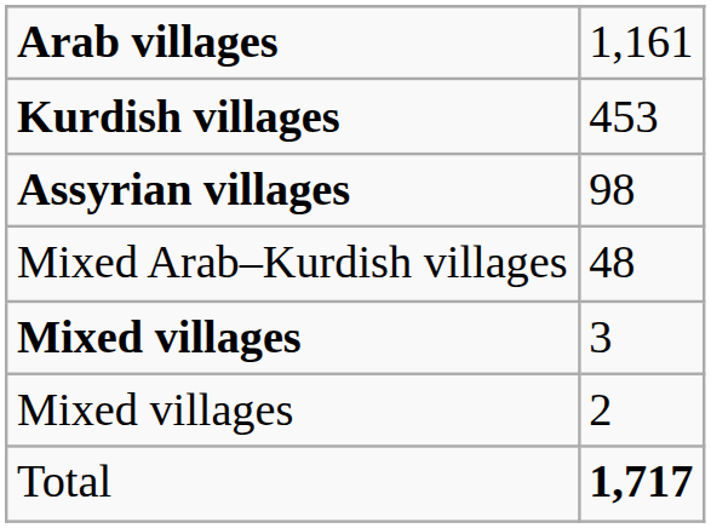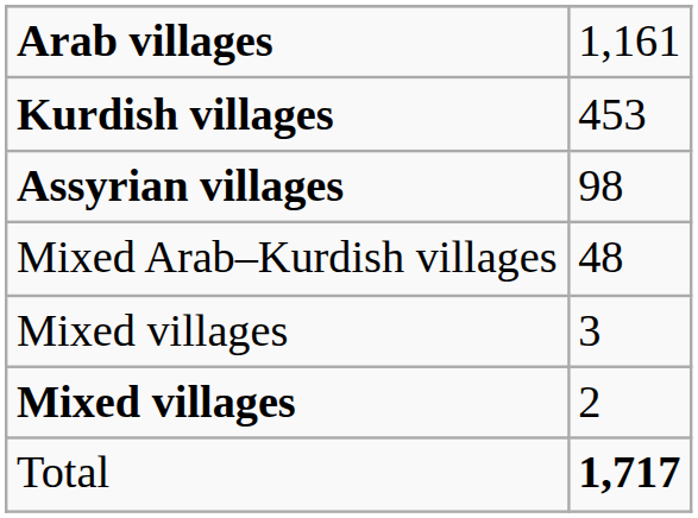 <table class="wikitable">
 <tr>
 </tr>
 <tr>
 <td><strong>Arab villages</strong></td>
 <td>1,161</td>
 </tr>
 <tr>
 <td><strong>Kurdish villages</strong></td>
 <td>453</td>
 </tr>
 <tr>
 <td><strong>Assyrian villages</strong></td>
 <td>98</td>
 </tr>
 <tr>
 <td>Mixed Arab–Kurdish villages</td>
 <td>48</td>
 </tr>
 <tr>
-<td><strong>Mixed villages</strong></td>
+<td>Mixed villages</td>
 <td>3</td>
 </tr>
 <tr>
-<td>Mixed villages</td>
+<td><strong>Mixed villages</strong></td>
 <td>2</td>
 </tr>
 <tr>
 <td>Total</td>
 <td><strong>1,717</strong></td>
 </tr>
 </table>
